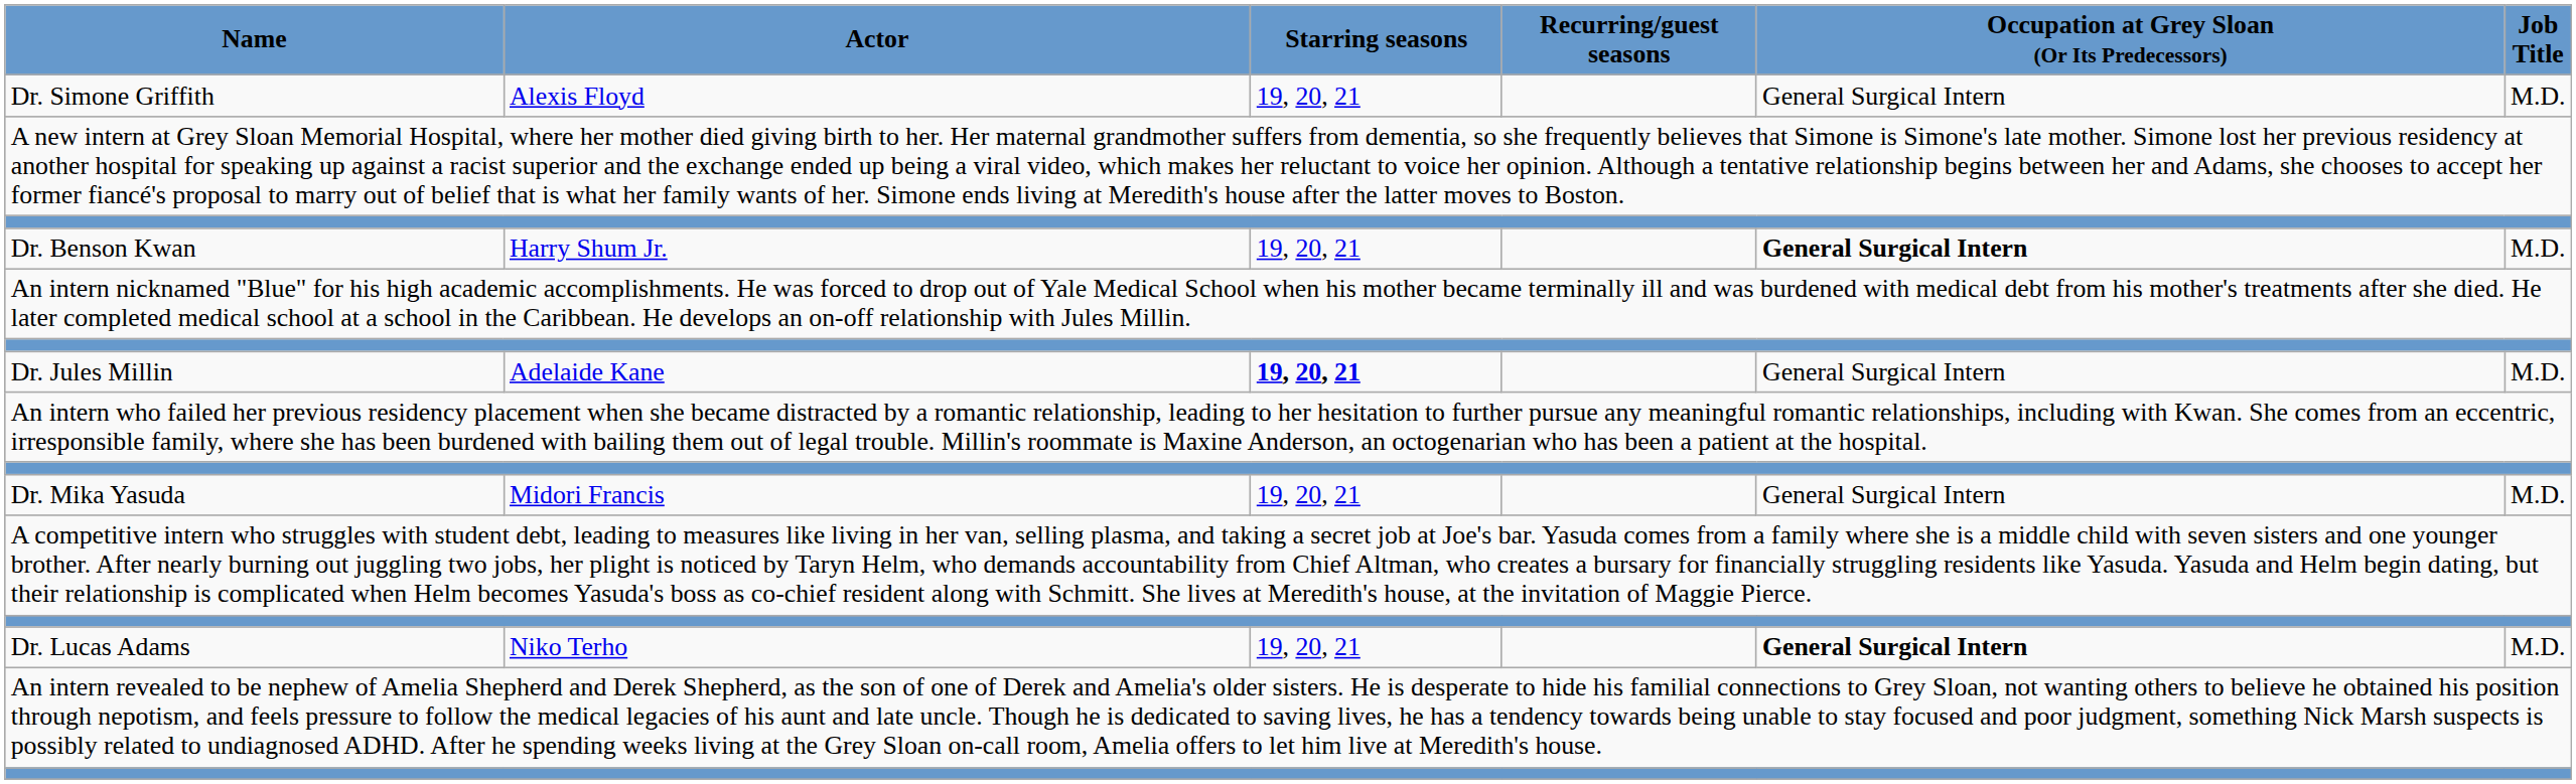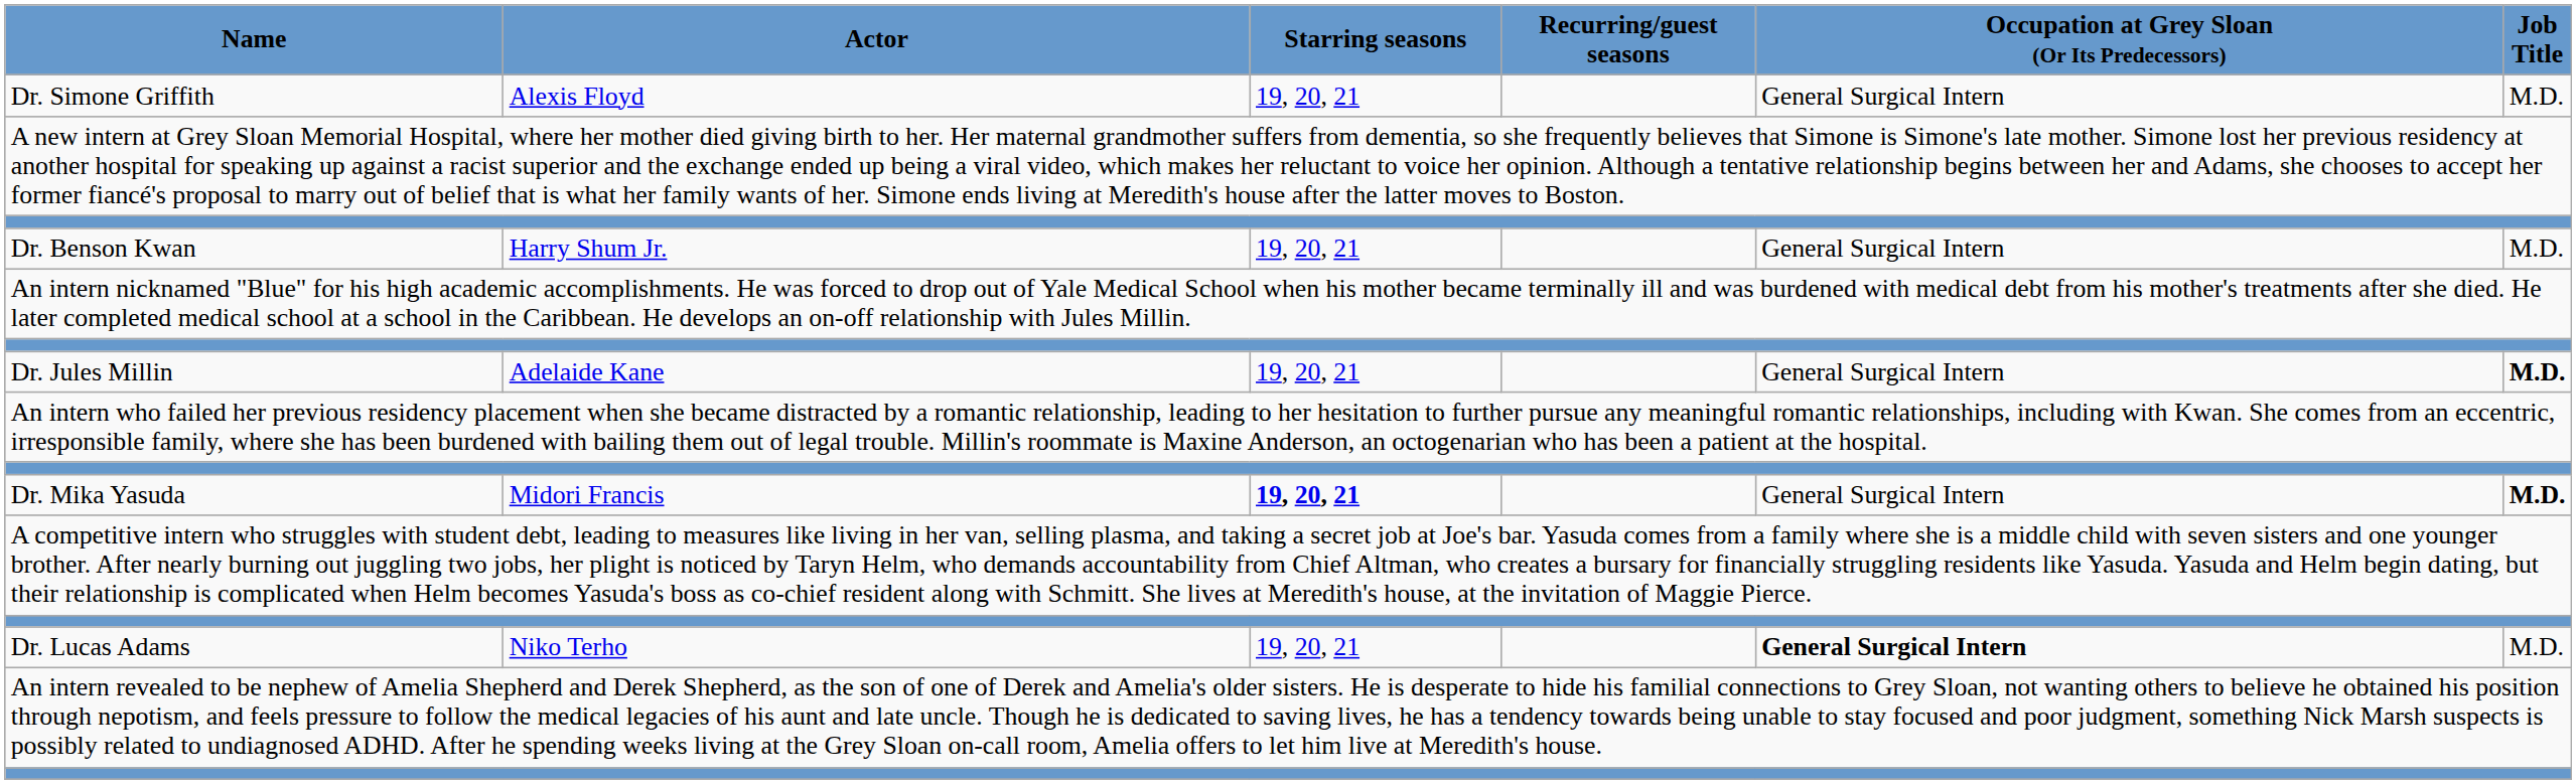 <table class="wikitable" style="width:100%; margin-right:auto;">
 <tr>
 <th style="background-color:#6699CC; width:20%">Name</th>
 <th style="background-color:#6699CC; width:30%">Actor</th>
 <th style="background-color:#6699CC; width:10%">Starring seasons</th>
 <th style="background-color:#6699CC; width:10%">Recurring/guest seasons</th>
 <th style="background-color:#6699CC; width:30%">Occupation at Grey Sloan<br><small>(Or Its Predecessors)</small></th>
 <th style="background-color:#6699CC; width:30%">Job Title</th>
 </tr>
 <tr>
 <td>Dr. Simone Griffith</td>
 <td><a href='#'>Alexis Floyd</a></td>
 <td><a href='#'>19</a>, <a href='#'>20</a>, <a href='#'>21</a></td>
 <td></td>
 <td>General Surgical Intern</td>
 <td>M.D.</td>
 </tr>
 <tr>
 <td colspan="6">A new intern at Grey Sloan Memorial Hospital, where her mother died giving birth to her. Her maternal grandmother suffers from dementia, so she frequently believes that Simone is Simone's late mother.  Simone lost her previous residency at another hospital for speaking up against a racist superior and the exchange ended up being a viral video, which makes her reluctant to voice her opinion.  Although a tentative relationship begins between her and Adams, she chooses to accept her former fiancé's proposal to marry out of belief that is what her family wants of her.  Simone ends living at Meredith's house after the latter moves to Boston.</td>
 </tr>
 <tr>
 <td colspan="7" bgcolor="#6699CC"></td>
 </tr>
 <tr>
 <td>Dr. Benson Kwan</td>
 <td><a href='#'>Harry Shum Jr.</a></td>
 <td><a href='#'>19</a>, <a href='#'>20</a>, <a href='#'>21</a></td>
 <td></td>
-<td><strong>General Surgical Intern</strong></td>
+<td>General Surgical Intern</td>
 <td>M.D.</td>
 </tr>
 <tr>
 <td colspan="6">An intern nicknamed "Blue" for his high academic accomplishments.  He was forced to drop out of Yale Medical School when his mother became terminally ill and was burdened with medical debt from his mother's treatments after she died.  He later completed medical school at a school in the Caribbean. He develops an on-off relationship with Jules Millin.</td>
 </tr>
 <tr>
 <td colspan="7" bgcolor="#6699CC"></td>
 </tr>
 <tr>
 <td>Dr. Jules Millin</td>
 <td><a href='#'>Adelaide Kane</a></td>
-<td><strong><a href='#'>19</a>, <a href='#'>20</a>, <a href='#'>21</a></strong></td>
+<td><a href='#'>19</a>, <a href='#'>20</a>, <a href='#'>21</a></td>
 <td></td>
 <td>General Surgical Intern</td>
-<td>M.D.</td>
+<td><strong>M.D.</strong></td>
 </tr>
 <tr>
 <td colspan="6">An intern who failed her previous residency placement when she became distracted by a romantic relationship, leading to her hesitation to further pursue any meaningful romantic relationships, including with Kwan.  She comes from an eccentric, irresponsible family, where she has been burdened with bailing them out of legal trouble.  Millin's roommate is Maxine Anderson, an octogenarian who has been a patient at the hospital.</td>
 </tr>
 <tr>
 <td colspan="7" bgcolor="#6699CC"></td>
 </tr>
 <tr>
 <td>Dr. Mika Yasuda</td>
 <td><a href='#'>Midori Francis</a></td>
-<td><a href='#'>19</a>, <a href='#'>20</a>, <a href='#'>21</a></td>
+<td><strong><a href='#'>19</a>, <a href='#'>20</a>, <a href='#'>21</a></strong></td>
 <td></td>
 <td>General Surgical Intern</td>
-<td>M.D.</td>
+<td><strong>M.D.</strong></td>
 </tr>
 <tr>
 <td colspan="6">A competitive intern who struggles with student debt, leading to measures like living in her van, selling plasma, and taking a secret job at Joe's bar.   Yasuda comes from a family where she is a middle child with seven sisters and one younger brother.  After nearly burning out juggling two jobs, her plight is noticed by Taryn Helm, who demands accountability from Chief Altman, who creates a bursary for financially struggling residents like Yasuda.  Yasuda and Helm begin dating, but their relationship is complicated when Helm becomes Yasuda's boss as co-chief resident along with Schmitt.  She lives at Meredith's house, at the invitation of Maggie Pierce.</td>
 </tr>
 <tr>
 <td colspan="7" bgcolor="#6699CC"></td>
 </tr>
 <tr>
 <td>Dr. Lucas Adams</td>
 <td><a href='#'>Niko Terho</a></td>
 <td><a href='#'>19</a>, <a href='#'>20</a>, <a href='#'>21</a></td>
 <td></td>
 <td><strong>General Surgical Intern</strong></td>
 <td>M.D.</td>
 </tr>
 <tr>
 <td colspan="6">An intern revealed to be nephew of Amelia Shepherd and Derek Shepherd, as the son of one of Derek and Amelia's older sisters.  He is desperate to hide his familial connections to Grey Sloan, not wanting others to believe he obtained his position through nepotism, and feels pressure to follow the medical legacies of his aunt and late uncle.  Though he is dedicated to saving lives, he has a tendency towards being unable to stay focused and poor judgment, something Nick Marsh suspects is possibly related to undiagnosed ADHD.  After he spending weeks living at the Grey Sloan on-call room, Amelia offers to let him live at Meredith's house.</td>
 </tr>
 <tr>
 <td colspan="7" bgcolor="#6699CC"></td>
 </tr>
 <tr>
 </tr>
 </table>
